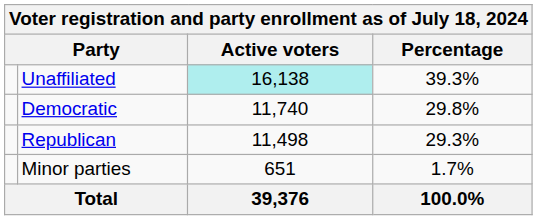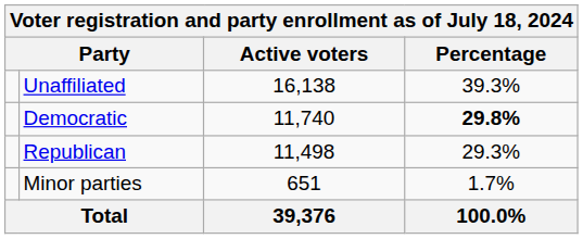 <table class="wikitable">
 <tr>
 <th colspan="4">Voter registration and party enrollment as of July 18, 2024</th>
 </tr>
 <tr>
 <th colspan="2">Party</th>
 <th>Active voters</th>
 <th>Percentage</th>
 </tr>
 <tr>
 <td></td>
 <td><a href='#'>Unaffiliated</a></td>
-<td style="background: paleturquoise; text-align:center;">16,138</td>
+<td style="text-align:center;">16,138</td>
 <td style="text-align:center;">39.3%</td>
 </tr>
 <tr>
 <td></td>
 <td><a href='#'>Democratic</a></td>
 <td style="text-align:center;">11,740</td>
-<td style="text-align:center;">29.8%</td>
+<td style="text-align:center;"><strong>29.8%</strong></td>
 </tr>
 <tr>
 <td></td>
 <td><a href='#'>Republican</a></td>
 <td style="text-align:center;">11,498</td>
 <td style="text-align:center;">29.3%</td>
 </tr>
 <tr>
 <td></td>
 <td>Minor parties</td>
 <td style="text-align:center;">651</td>
 <td style="text-align:center;">1.7%</td>
 </tr>
 <tr>
 <th colspan="2">Total</th>
 <th style="text-align:center;">39,376</th>
 <th style="text-align:center;">100.0%</th>
 </tr>
 </table>
